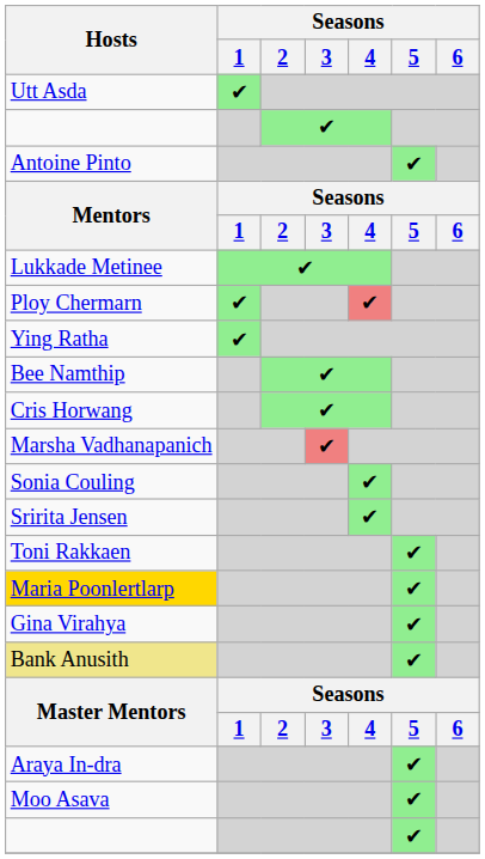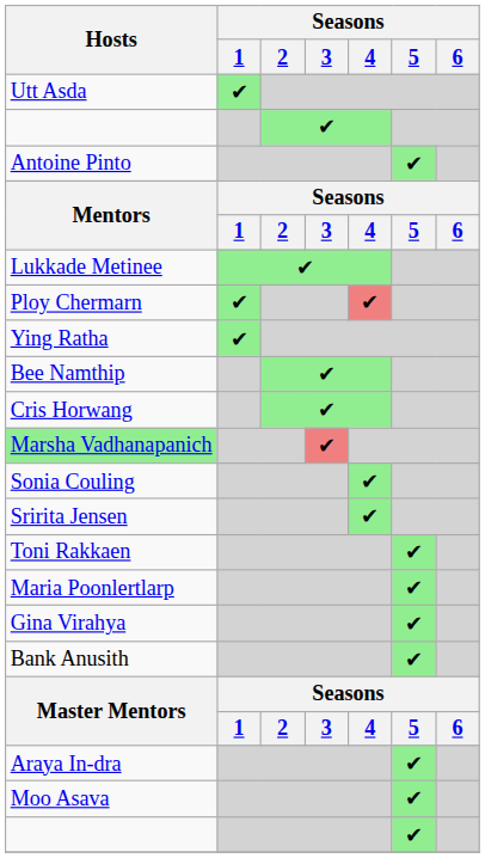 <table class="wikitable">
 <tr>
 <th rowspan="2">Hosts</th>
 <th colspan="6">Seasons</th>
 </tr>
 <tr>
 <th><strong><a href='#'>1</a></strong></th>
 <th><strong><a href='#'>2</a></strong></th>
 <th><strong><a href='#'>3</a></strong></th>
 <th><strong><a href='#'>4</a></strong></th>
 <th><strong><a href='#'>5</a></strong></th>
 <th><strong><a href='#'>6</a></strong></th>
 </tr>
 <tr>
 <td><a href='#'>Utt Asda</a></td>
 <td colspan="1"  style = "background:lightgreen; text-align:center;">✔</td>
 <td colspan="5" style="background: #D3D3D3"></td>
 </tr>
 <tr>
 <td></td>
 <td colspan="1" style="background: #D3D3D3"></td>
 <td colspan="3"  style = "background:lightgreen; text-align:center;">✔</td>
 <td colspan="2" style="background: #D3D3D3"></td>
 </tr>
 <tr>
 <td><a href='#'>Antoine Pinto</a></td>
 <td colspan="4" style="background: #D3D3D3"></td>
 <td colspan="1"  style = "background:lightgreen; text-align:center;">✔</td>
 <td colspan="1" style="background: #D3D3D3"></td>
 </tr>
 <tr>
 <th rowspan="2">Mentors</th>
 <th colspan="6">Seasons</th>
 </tr>
 <tr>
 <th style="width:25px;"><strong><a href='#'>1</a></strong></th>
 <th style="width:25px;"><strong><a href='#'>2</a></strong></th>
 <th style="width:25px;"><strong><a href='#'>3</a></strong></th>
 <th style="width:25px;"><strong><a href='#'>4</a></strong></th>
 <th style="width:25px;"><strong><a href='#'>5</a></strong></th>
 <th style="width:25px;"><strong><a href='#'>6</a></strong></th>
 </tr>
 <tr>
 <td><a href='#'>Lukkade Metinee</a></td>
 <td colspan="4"  style = "background:lightgreen; text-align:center;">✔</td>
 <td colspan="2" style="background: #D3D3D3"></td>
 </tr>
 <tr>
 <td><a href='#'>Ploy Chermarn</a></td>
 <td colspan="1"  style = "background:lightgreen; text-align:center;">✔</td>
 <td colspan="2" style="background: #D3D3D3"></td>
 <td colspan="1"  style = "background:LightCoral; text-align:center;">✔</td>
 <td colspan="2" style="background: #D3D3D3"></td>
 </tr>
 <tr>
 <td><a href='#'>Ying Ratha</a></td>
 <td colspan="1"  style = "background:lightgreen; text-align:center;">✔</td>
 <td colspan="5" style="background: #D3D3D3"></td>
 </tr>
 <tr>
 <td><a href='#'>Bee Namthip</a></td>
 <td colspan="1" style="background: #D3D3D3"></td>
 <td colspan="3"  style = "background:lightgreen; text-align:center;">✔</td>
 <td colspan="2" style="background: #D3D3D3"></td>
 </tr>
 <tr>
 <td><a href='#'>Cris Horwang</a></td>
 <td colspan="1" style="background: #D3D3D3"></td>
 <td colspan= "3"  style = "background:lightgreen; text-align:center;">✔</td>
 <td colspan="2" style="background: #D3D3D3"></td>
 </tr>
 <tr>
-<td><a href='#'>Marsha Vadhanapanich</a></td>
+<td style="background: lightgreen;"><a href='#'>Marsha Vadhanapanich</a></td>
 <td colspan="2" style="background: #D3D3D3"></td>
 <td colspan="1"  style = "background:LightCoral; text-align:center;">✔</td>
 <td colspan="3" style="background: #D3D3D3"></td>
 </tr>
 <tr>
 <td><a href='#'>Sonia Couling</a></td>
 <td colspan="3" style="background: #D3D3D3"></td>
 <td colspan="1"  style = "background:lightgreen; text-align:center;">✔</td>
 <td colspan="2" style="background: #D3D3D3"></td>
 </tr>
 <tr>
 <td><a href='#'>Sririta Jensen</a></td>
 <td colspan="3" style="background: #D3D3D3"></td>
 <td colspan="1"  style = "background:lightgreen; text-align:center;">✔</td>
 <td colspan="2" style="background: #D3D3D3"></td>
 </tr>
 <tr>
 <td><a href='#'>Toni Rakkaen</a></td>
 <td colspan="4" style="background: #D3D3D3"></td>
 <td colspan="1"  style = "background:lightgreen; text-align:center;">✔</td>
 <td colspan="1" style="background: #D3D3D3"></td>
 </tr>
 <tr>
-<td style="background: gold;"><a href='#'>Maria Poonlertlarp</a></td>
+<td><a href='#'>Maria Poonlertlarp</a></td>
 <td colspan="4" style="background: #D3D3D3"></td>
 <td colspan="1"  style = "background:lightgreen; text-align:center;">✔</td>
 <td colspan="1" style="background: #D3D3D3"></td>
 </tr>
 <tr>
 <td><a href='#'>Gina Virahya</a></td>
 <td colspan="4" style="background: #D3D3D3"></td>
 <td colspan="1"  style = "background:lightgreen; text-align:center;">✔</td>
 <td colspan="1" style="background: #D3D3D3"></td>
 </tr>
 <tr>
-<td style="background: khaki;">Bank Anusith</td>
+<td>Bank Anusith</td>
 <td colspan="4" style="background: #D3D3D3"></td>
 <td colspan="1"  style = "background:lightgreen; text-align:center;">✔</td>
 <td colspan="1" style="background: #D3D3D3"></td>
 </tr>
 <tr>
 <th rowspan="2">Master Mentors</th>
 <th colspan="6">Seasons</th>
 </tr>
 <tr>
 <th style="width:25px;"><strong><a href='#'>1</a></strong></th>
 <th style="width:25px;"><strong><a href='#'>2</a></strong></th>
 <th style="width:25px;"><strong><a href='#'>3</a></strong></th>
 <th style="width:25px;"><strong><a href='#'>4</a></strong></th>
 <th style="width:25px;"><strong><a href='#'>5</a></strong></th>
 <th style="width:25px;"><strong><a href='#'>6</a></strong></th>
 </tr>
 <tr>
 <td><a href='#'>Araya In-dra</a></td>
 <td colspan="4" style="background: #D3D3D3"></td>
 <td colspan="1" style = "background:lightgreen; text-align:center;">✔</td>
 <td colspan="1" style="background: #D3D3D3"></td>
 </tr>
 <tr>
 <td><a href='#'>Moo Asava</a></td>
 <td colspan="4" style="background: #D3D3D3"></td>
 <td colspan="1" style = "background:lightgreen; text-align:center;">✔</td>
 <td colspan="1" style="background: #D3D3D3"></td>
 </tr>
 <tr>
 <td></td>
 <td colspan="4" style="background: #D3D3D3"></td>
 <td colspan="1" style = "background:lightgreen; text-align:center;">✔</td>
 <td colspan="1" style="background: #D3D3D3"></td>
 </tr>
 <tr>
 </tr>
 </table>
